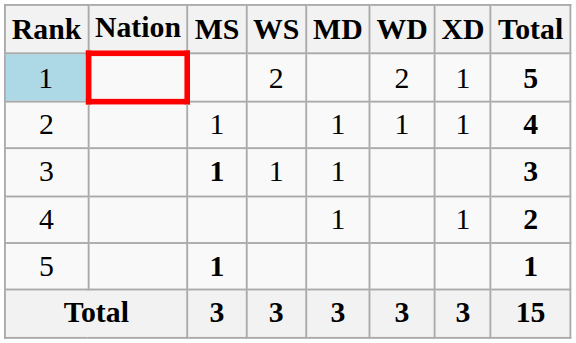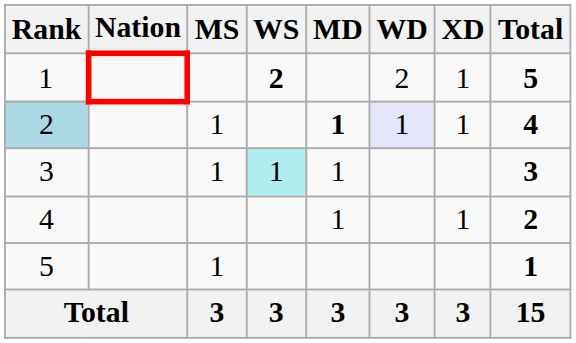 <table class="wikitable" style="text-align:center">
 <tr>
 <th>Rank</th>
 <th>Nation</th>
 <th>MS</th>
 <th>WS</th>
 <th>MD</th>
 <th>WD</th>
 <th>XD</th>
 <th>Total</th>
 </tr>
 <tr>
-<td style="background: lightblue;">1</td>
+<td>1</td>
 <td align="left" style="border: 3px solid red"><strong></strong></td>
 <td></td>
-<td>2</td>
+<td><strong>2</strong></td>
 <td></td>
 <td>2</td>
 <td>1</td>
 <td><strong>5</strong></td>
 </tr>
 <tr>
-<td>2</td>
+<td style="background: lightblue;">2</td>
 <td align="left"></td>
 <td>1</td>
 <td></td>
-<td>1</td>
-<td>1</td>
+<td><strong>1</strong></td>
+<td style="background: lavender;">1</td>
 <td>1</td>
 <td><strong>4</strong></td>
 </tr>
 <tr>
 <td>3</td>
 <td align="left"></td>
-<td><strong>1</strong></td>
 <td>1</td>
+<td style="background: paleturquoise;">1</td>
 <td>1</td>
 <td></td>
 <td></td>
 <td><strong>3</strong></td>
 </tr>
 <tr>
 <td>4</td>
 <td align="left"></td>
 <td></td>
 <td></td>
 <td>1</td>
 <td></td>
 <td>1</td>
 <td><strong>2</strong></td>
 </tr>
 <tr>
 <td>5</td>
 <td align="left"></td>
-<td><strong>1</strong></td>
+<td>1</td>
 <td></td>
 <td></td>
 <td></td>
 <td></td>
 <td><strong>1</strong></td>
 </tr>
 <tr>
 <th colspan="2">Total</th>
 <th>3</th>
 <th>3</th>
 <th>3</th>
 <th>3</th>
 <th>3</th>
 <th>15</th>
 </tr>
 </table>
